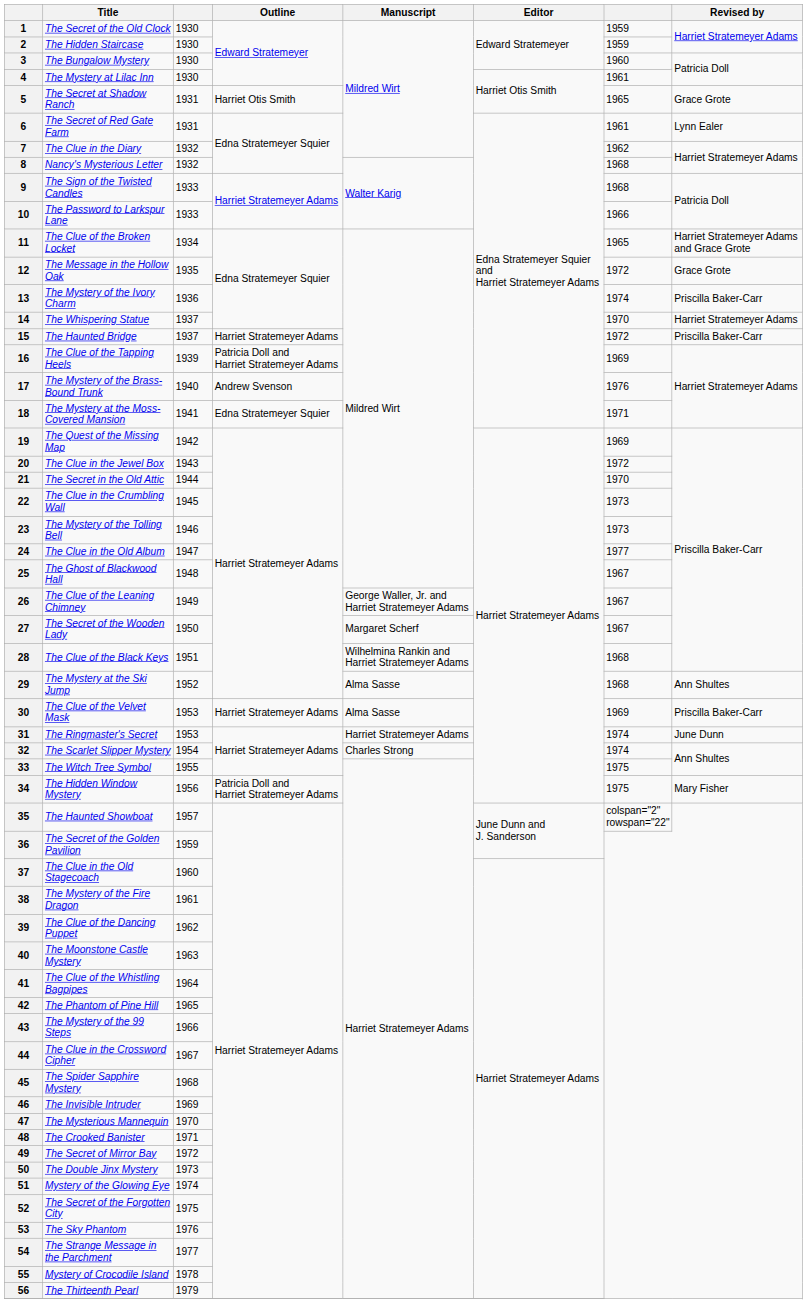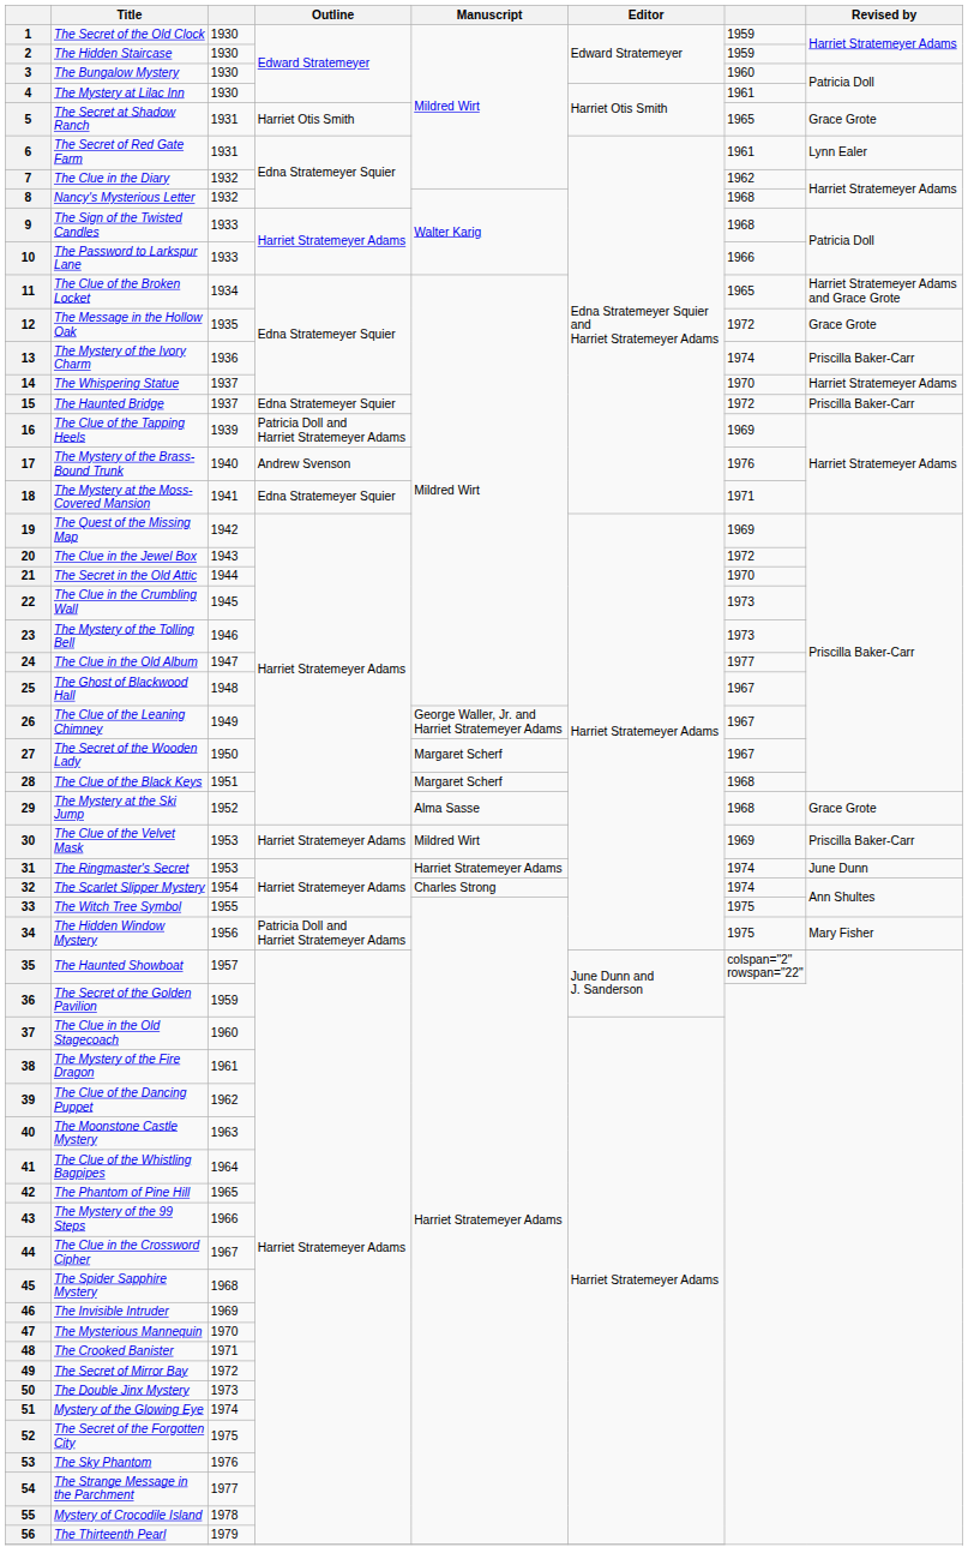 <table class="wikitable">
 <tr>
 <th scope="col" style="width:5%;"></th>
 <th scope="col" style="width:17%;">Title</th>
 <th scope="col" style="width:5%;"></th>
 <th scope="col" style="width:17%;">Outline</th>
 <th scope="col" style="width:17%;">Manuscript</th>
 <th scope="col" style="width:17%;">Editor</th>
 <th scope="col" style="width:5%;"></th>
 <th scope="col" style="width:17%;">Revised by</th>
 </tr>
 <tr>
 <th>1</th>
 <td><em><a href='#'>The Secret of the Old Clock</a></em></td>
 <td>1930</td>
 <td rowspan="4"><a href='#'>Edward Stratemeyer</a></td>
 <td rowspan="7"><a href='#'>Mildred Wirt</a></td>
 <td rowspan="3">Edward Stratemeyer</td>
 <td>1959</td>
 <td rowspan="2"><a href='#'>Harriet Stratemeyer Adams</a></td>
 </tr>
 <tr>
 <th>2</th>
 <td><em><a href='#'>The Hidden Staircase</a></em></td>
 <td>1930</td>
 <td>1959</td>
 </tr>
 <tr>
 <th>3</th>
 <td><em><a href='#'>The Bungalow Mystery</a></em></td>
 <td>1930</td>
 <td>1960</td>
 <td rowspan="2">Patricia Doll</td>
 </tr>
 <tr>
 <th>4</th>
 <td><em><a href='#'>The Mystery at Lilac Inn</a></em></td>
 <td>1930</td>
 <td rowspan="2">Harriet Otis Smith</td>
 <td>1961</td>
 </tr>
 <tr>
 <th>5</th>
 <td><em><a href='#'>The Secret at Shadow Ranch</a></em></td>
 <td>1931</td>
 <td>Harriet Otis Smith</td>
 <td>1965</td>
 <td>Grace Grote</td>
 </tr>
 <tr>
 <th>6</th>
 <td><em><a href='#'>The Secret of Red Gate Farm</a></em></td>
 <td>1931</td>
 <td rowspan="3">Edna Stratemeyer Squier</td>
 <td rowspan="13">Edna Stratemeyer Squier and<br>Harriet Stratemeyer Adams</td>
 <td>1961</td>
 <td>Lynn Ealer</td>
 </tr>
 <tr>
 <th>7</th>
 <td><em><a href='#'>The Clue in the Diary</a></em></td>
 <td>1932</td>
 <td>1962</td>
 <td rowspan="2">Harriet Stratemeyer Adams</td>
 </tr>
 <tr>
 <th>8</th>
 <td><em><a href='#'>Nancy's Mysterious Letter</a></em></td>
 <td>1932</td>
 <td rowspan="3"><a href='#'>Walter Karig</a></td>
 <td>1968</td>
 </tr>
 <tr>
 <th>9</th>
 <td><em><a href='#'>The Sign of the Twisted Candles</a></em></td>
 <td>1933</td>
 <td rowspan="2"><a href='#'>Harriet Stratemeyer Adams</a></td>
 <td>1968</td>
 <td rowspan="2">Patricia Doll</td>
 </tr>
 <tr>
 <th>10</th>
 <td><em><a href='#'>The Password to Larkspur Lane</a></em></td>
 <td>1933</td>
 <td>1966</td>
 </tr>
 <tr>
 <th>11</th>
 <td><em><a href='#'>The Clue of the Broken Locket</a></em></td>
 <td>1934</td>
 <td rowspan="4">Edna Stratemeyer Squier</td>
 <td rowspan="15">Mildred Wirt</td>
 <td>1965</td>
 <td>Harriet Stratemeyer Adams<br>and Grace Grote</td>
 </tr>
 <tr>
 <th>12</th>
 <td><em><a href='#'>The Message in the Hollow Oak</a></em></td>
 <td>1935</td>
 <td>1972</td>
 <td>Grace Grote</td>
 </tr>
 <tr>
 <th>13</th>
 <td><em><a href='#'>The Mystery of the Ivory Charm</a></em></td>
 <td>1936</td>
 <td>1974</td>
 <td>Priscilla Baker-Carr</td>
 </tr>
 <tr>
 <th>14</th>
 <td><em><a href='#'>The Whispering Statue</a></em></td>
 <td>1937</td>
 <td>1970</td>
 <td>Harriet Stratemeyer Adams</td>
 </tr>
 <tr>
 <th>15</th>
 <td><em><a href='#'>The Haunted Bridge</a></em></td>
 <td>1937</td>
-<td>Harriet Stratemeyer Adams</td>
+<td>Edna Stratemeyer Squier</td>
 <td>1972</td>
 <td>Priscilla Baker-Carr</td>
 </tr>
 <tr>
 <th>16</th>
 <td><em><a href='#'>The Clue of the Tapping Heels</a></em></td>
 <td>1939</td>
 <td>Patricia Doll and<br>Harriet Stratemeyer Adams</td>
 <td>1969</td>
 <td rowspan="3">Harriet Stratemeyer Adams</td>
 </tr>
 <tr>
 <th>17</th>
 <td><em><a href='#'>The Mystery of the Brass-Bound Trunk</a></em></td>
 <td>1940</td>
 <td>Andrew Svenson</td>
 <td>1976</td>
 </tr>
 <tr>
 <th>18</th>
 <td><em><a href='#'>The Mystery at the Moss-Covered Mansion</a></em></td>
 <td>1941</td>
 <td>Edna Stratemeyer Squier</td>
 <td>1971</td>
 </tr>
 <tr>
 <th>19</th>
 <td><em><a href='#'>The Quest of the Missing Map</a></em></td>
 <td>1942</td>
 <td rowspan="11">Harriet Stratemeyer Adams</td>
 <td rowspan="16">Harriet Stratemeyer Adams</td>
 <td>1969</td>
 <td rowspan="10">Priscilla Baker-Carr</td>
 </tr>
 <tr>
 <th>20</th>
 <td><em><a href='#'>The Clue in the Jewel Box</a></em></td>
 <td>1943</td>
 <td>1972</td>
 </tr>
 <tr>
 <th>21</th>
 <td><em><a href='#'>The Secret in the Old Attic</a></em></td>
 <td>1944</td>
 <td>1970</td>
 </tr>
 <tr>
 <th>22</th>
 <td><em><a href='#'>The Clue in the Crumbling Wall</a></em></td>
 <td>1945</td>
 <td>1973</td>
 </tr>
 <tr>
 <th>23</th>
 <td><em><a href='#'>The Mystery of the Tolling Bell</a></em></td>
 <td>1946</td>
 <td>1973</td>
 </tr>
 <tr>
 <th>24</th>
 <td><em><a href='#'>The Clue in the Old Album</a></em></td>
 <td>1947</td>
 <td>1977</td>
 </tr>
 <tr>
 <th>25</th>
 <td><em><a href='#'>The Ghost of Blackwood Hall</a></em></td>
 <td>1948</td>
 <td>1967</td>
 </tr>
 <tr>
 <th>26</th>
 <td><em><a href='#'>The Clue of the Leaning Chimney</a></em></td>
 <td>1949</td>
 <td>George Waller, Jr. and<br>Harriet Stratemeyer Adams</td>
 <td>1967</td>
 </tr>
 <tr>
 <th>27</th>
 <td><em><a href='#'>The Secret of the Wooden Lady</a></em></td>
 <td>1950</td>
 <td>Margaret Scherf</td>
 <td>1967</td>
 </tr>
 <tr>
 <th>28</th>
 <td><em><a href='#'>The Clue of the Black Keys</a></em></td>
 <td>1951</td>
-<td>Wilhelmina Rankin and<br>Harriet Stratemeyer Adams</td>
+<td>Margaret Scherf</td>
 <td>1968</td>
 </tr>
 <tr>
 <th>29</th>
 <td><em><a href='#'>The Mystery at the Ski Jump</a></em></td>
 <td>1952</td>
 <td>Alma Sasse</td>
 <td>1968</td>
-<td>Ann Shultes</td>
+<td>Grace Grote</td>
 </tr>
 <tr>
 <th>30</th>
 <td><em><a href='#'>The Clue of the Velvet Mask</a></em></td>
 <td>1953</td>
 <td>Harriet Stratemeyer Adams</td>
-<td>Alma Sasse</td>
+<td>Mildred Wirt</td>
 <td>1969</td>
 <td>Priscilla Baker-Carr</td>
 </tr>
 <tr>
 <th>31</th>
 <td><em><a href='#'>The Ringmaster's Secret</a></em></td>
 <td>1953</td>
 <td rowspan="3">Harriet Stratemeyer Adams</td>
 <td>Harriet Stratemeyer Adams</td>
 <td>1974</td>
 <td>June Dunn</td>
 </tr>
 <tr>
 <th>32</th>
 <td><em><a href='#'>The Scarlet Slipper Mystery</a></em></td>
 <td>1954</td>
 <td>Charles Strong</td>
 <td>1974</td>
 <td rowspan="2">Ann Shultes</td>
 </tr>
 <tr>
 <th>33</th>
 <td><em><a href='#'>The Witch Tree Symbol</a></em></td>
 <td>1955</td>
 <td rowspan="24">Harriet Stratemeyer Adams</td>
 <td>1975</td>
 </tr>
 <tr>
 <th>34</th>
 <td><em><a href='#'>The Hidden Window Mystery</a></em></td>
 <td>1956</td>
 <td>Patricia Doll and<br>Harriet Stratemeyer Adams</td>
 <td>1975</td>
 <td>Mary Fisher</td>
 </tr>
 <tr>
 <th>35</th>
 <td><em><a href='#'>The Haunted Showboat</a></em></td>
 <td>1957</td>
 <td rowspan="22">Harriet Stratemeyer Adams</td>
 <td rowspan="2">June Dunn and<br>J. Sanderson</td>
 <td>colspan="2" rowspan="22" </td>
 </tr>
 <tr>
 <th>36</th>
 <td><em><a href='#'>The Secret of the Golden Pavilion</a></em></td>
 <td>1959</td>
 </tr>
 <tr>
 <th>37</th>
 <td><em><a href='#'>The Clue in the Old Stagecoach</a></em></td>
 <td>1960</td>
 <td rowspan="20">Harriet Stratemeyer Adams</td>
 </tr>
 <tr>
 <th>38</th>
 <td><em><a href='#'>The Mystery of the Fire Dragon</a></em></td>
 <td>1961</td>
 </tr>
 <tr>
 <th>39</th>
 <td><em><a href='#'>The Clue of the Dancing Puppet</a></em></td>
 <td>1962</td>
 </tr>
 <tr>
 <th>40</th>
 <td><em><a href='#'>The Moonstone Castle Mystery</a></em></td>
 <td>1963</td>
 </tr>
 <tr>
 <th>41</th>
 <td><em><a href='#'>The Clue of the Whistling Bagpipes</a></em></td>
 <td>1964</td>
 </tr>
 <tr>
 <th>42</th>
 <td><em><a href='#'>The Phantom of Pine Hill</a></em></td>
 <td>1965</td>
 </tr>
 <tr>
 <th>43</th>
 <td><em><a href='#'>The Mystery of the 99 Steps</a></em></td>
 <td>1966</td>
 </tr>
 <tr>
 <th>44</th>
 <td><em><a href='#'>The Clue in the Crossword Cipher</a></em></td>
 <td>1967</td>
 </tr>
 <tr>
 <th>45</th>
 <td><em><a href='#'>The Spider Sapphire Mystery</a></em></td>
 <td>1968</td>
 </tr>
 <tr>
 <th>46</th>
 <td><em><a href='#'>The Invisible Intruder</a></em></td>
 <td>1969</td>
 </tr>
 <tr>
 <th>47</th>
 <td><em><a href='#'>The Mysterious Mannequin</a></em></td>
 <td>1970</td>
 </tr>
 <tr>
 <th>48</th>
 <td><em><a href='#'>The Crooked Banister</a></em></td>
 <td>1971</td>
 </tr>
 <tr>
 <th>49</th>
 <td><em><a href='#'>The Secret of Mirror Bay</a></em></td>
 <td>1972</td>
 </tr>
 <tr>
 <th>50</th>
 <td><em><a href='#'>The Double Jinx Mystery</a></em></td>
 <td>1973</td>
 </tr>
 <tr>
 <th>51</th>
 <td><em><a href='#'>Mystery of the Glowing Eye</a></em></td>
 <td>1974</td>
 </tr>
 <tr>
 <th>52</th>
 <td><em><a href='#'>The Secret of the Forgotten City</a></em></td>
 <td>1975</td>
 </tr>
 <tr>
 <th>53</th>
 <td><em><a href='#'>The Sky Phantom</a></em></td>
 <td>1976</td>
 </tr>
 <tr>
 <th>54</th>
 <td><em><a href='#'>The Strange Message in the Parchment</a></em></td>
 <td>1977</td>
 </tr>
 <tr>
 <th>55</th>
 <td><em><a href='#'>Mystery of Crocodile Island</a></em></td>
 <td>1978</td>
 </tr>
 <tr>
 <th>56</th>
 <td><em><a href='#'>The Thirteenth Pearl</a></em></td>
 <td>1979</td>
 </tr>
 <tr>
 </tr>
 </table>
